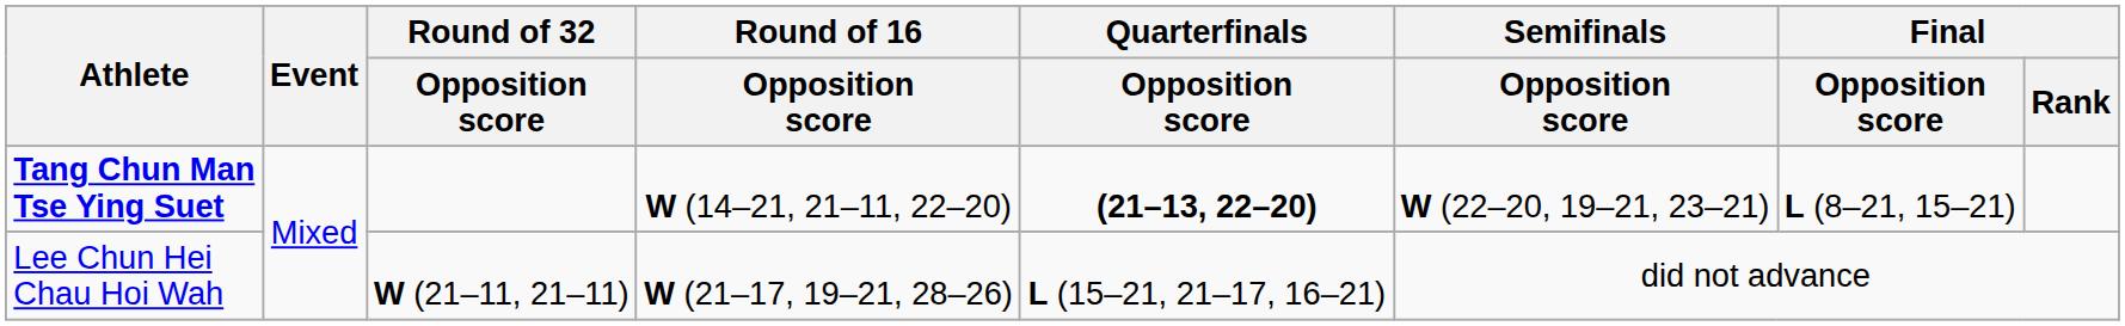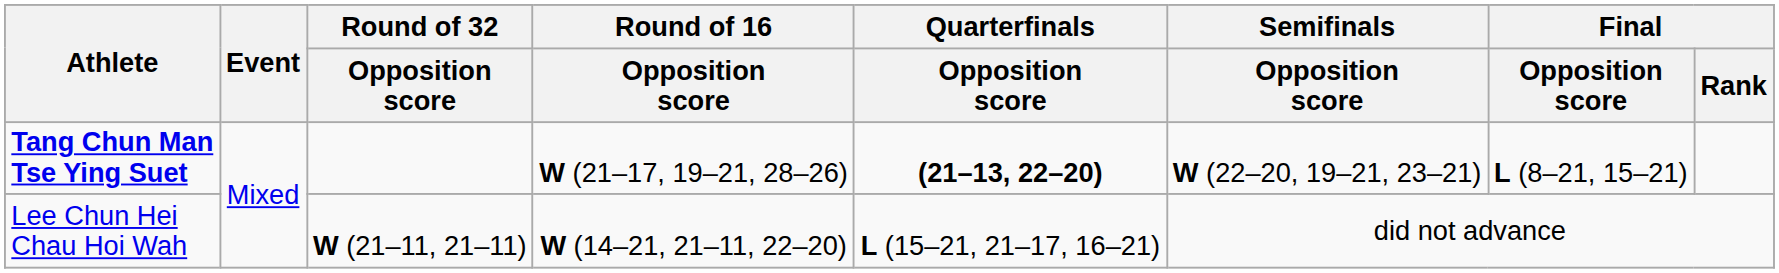 <table class=wikitable style=font-size:90%;text-align:center>
 <tr>
 <th rowspan="2">Athlete</th>
 <th rowspan="2">Event</th>
 <th>Round of 32</th>
 <th>Round of 16</th>
 <th>Quarterfinals</th>
 <th>Semifinals</th>
 <th colspan="2">Final</th>
 </tr>
 <tr>
 <th>Opposition<br> score</th>
 <th>Opposition<br> score</th>
 <th>Opposition<br> score</th>
 <th>Opposition<br> score</th>
 <th>Opposition<br> score</th>
 <th>Rank</th>
 </tr>
 <tr>
 <td align=left><strong><a href='#'>Tang Chun Man</a> <br> <a href='#'>Tse Ying Suet</a></strong></td>
 <td align=center rowspan=2><a href='#'>Mixed</a></td>
 <td></td>
-<td><br><strong>W</strong> (14–21, 21–11, 22–20)</td>
+<td><br><strong>W</strong> (21–17, 19–21, 28–26)</td>
 <td><strong><br>(21–13, 22–20)</strong></td>
 <td><br><strong>W</strong> (22–20, 19–21, 23–21)</td>
 <td><br><strong>L</strong> (8–21, 15–21)</td>
 <td></td>
 </tr>
 <tr>
 <td align=left><a href='#'>Lee Chun Hei</a> <br> <a href='#'>Chau Hoi Wah</a></td>
 <td><br><strong>W</strong> (21–11, 21–11)</td>
-<td><br><strong>W</strong> (21–17, 19–21, 28–26)</td>
+<td><br><strong>W</strong> (14–21, 21–11, 22–20)</td>
 <td><br><strong>L</strong> (15–21, 21–17, 16–21)</td>
 <td colspan=3>did not advance</td>
 </tr>
 </table>
